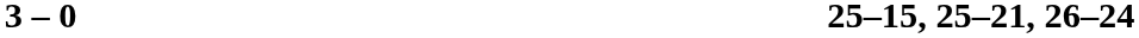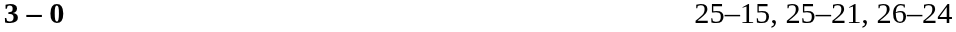 <table width=100% cellspacing=1>
 <tr>
 <th width=20%></th>
 <th width=12%></th>
 <th width=20%></th>
 <th width=33%></th>
 <td></td>
 </tr>
 <tr style=font-size:95%>
 <td align=right><strong></strong></td>
 <td align=center><strong>3 – 0</strong></td>
 <td></td>
-<td><strong>25–15, 25–21, 26–24</strong></td>
+<td>25–15, 25–21, 26–24</td>
 </tr>
 </table>
